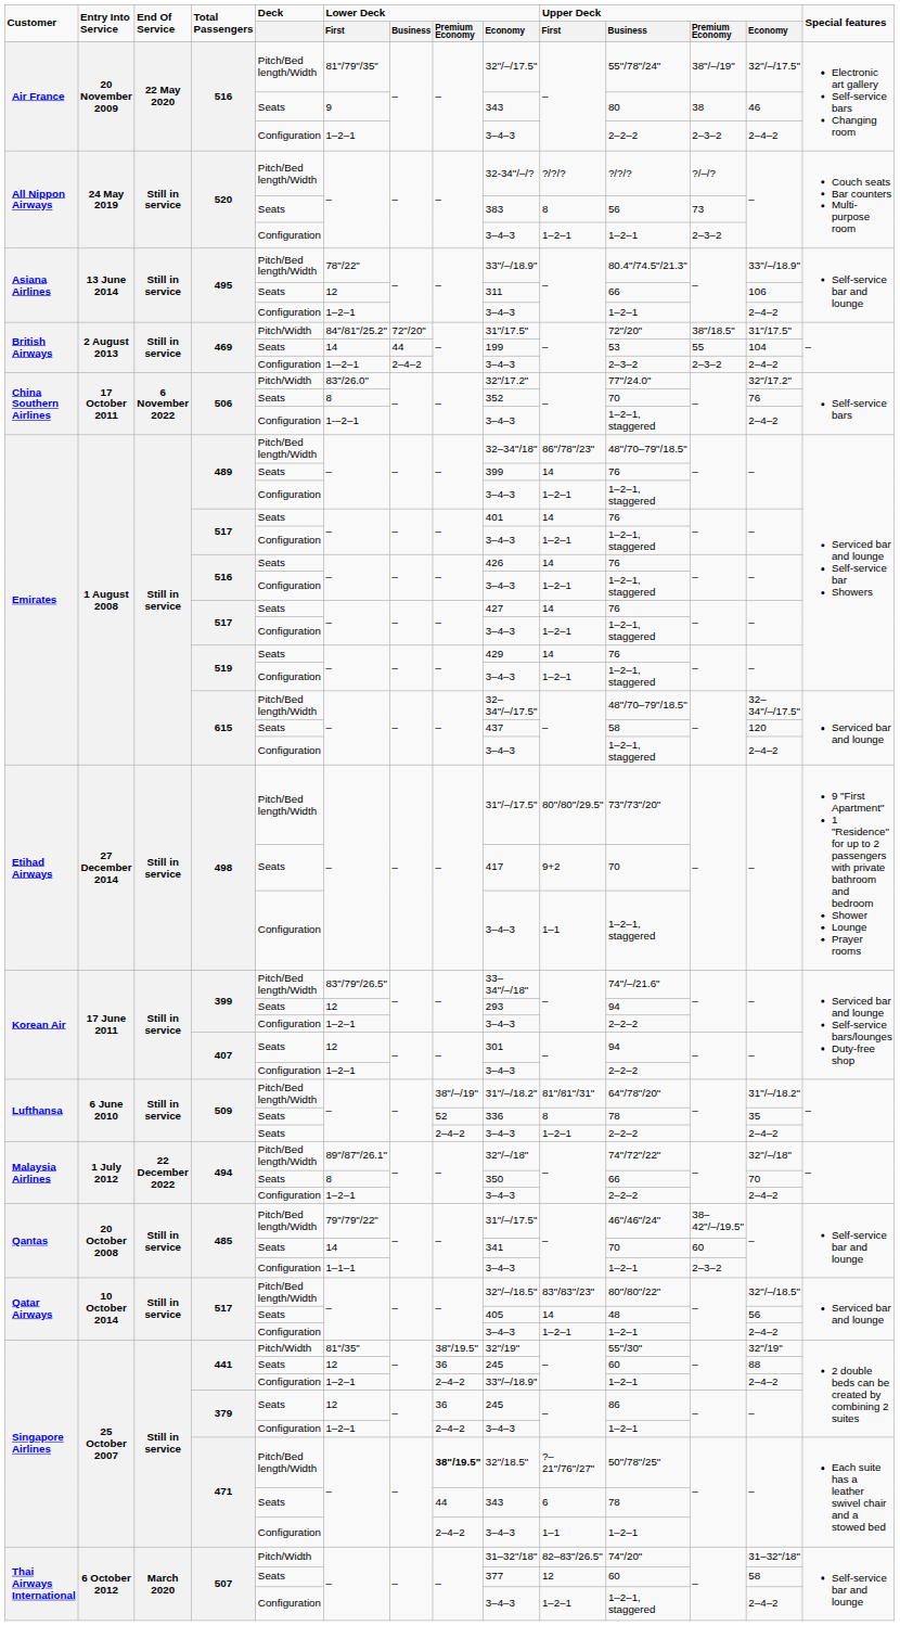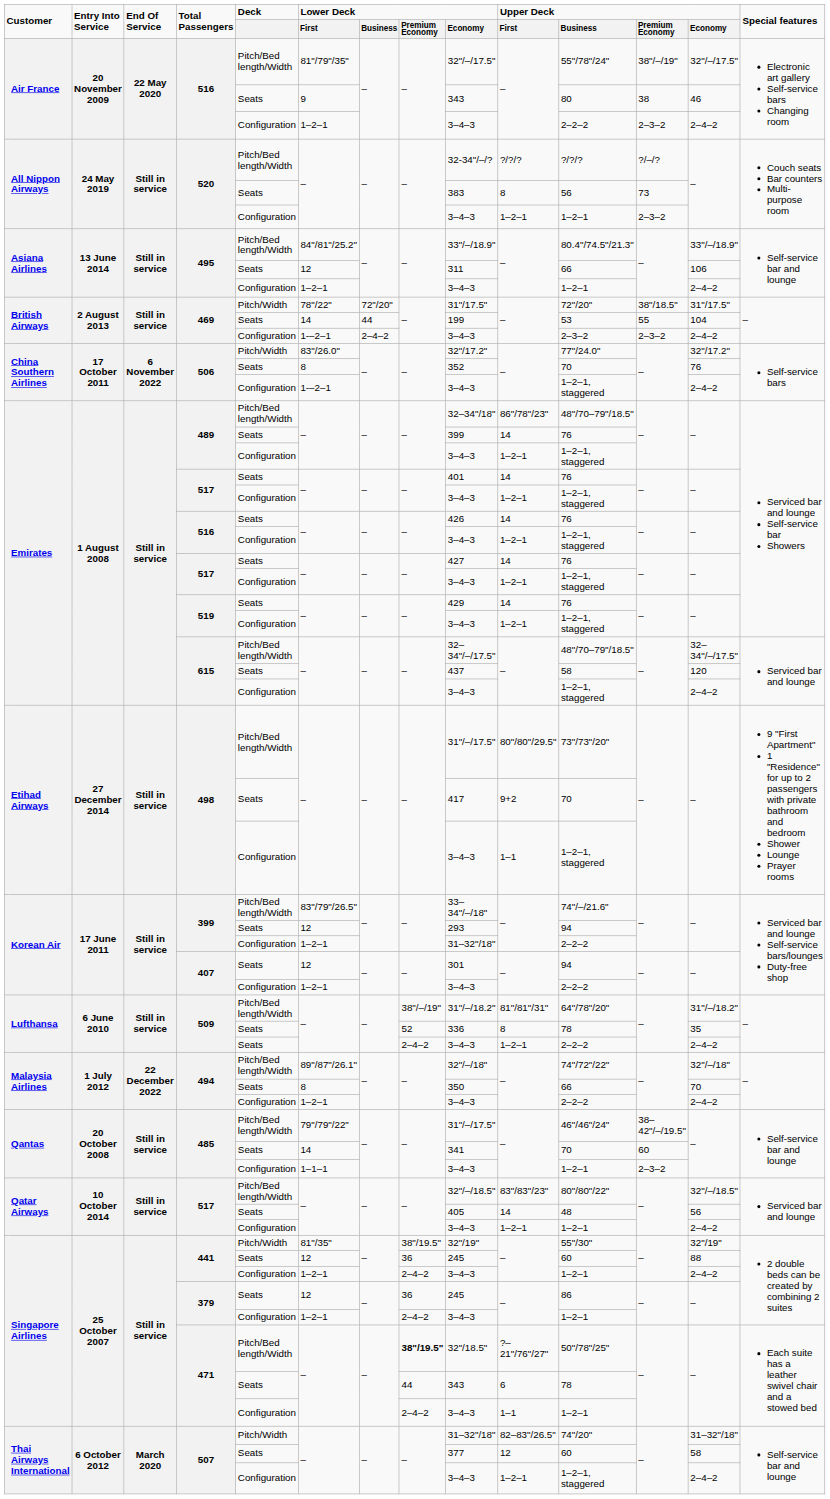 <table class="wikitable sortable">
 <tr>
 <td rowspan=2=style="border-right: 1px solid #F2F2F2;" colspan="2"><strong>Customer</strong></td>
 <td rowspan=2><strong>Entry Into Service</strong></td>
 <td rowspan=2><strong>End Of Service</strong></td>
 <td rowspan=2><strong>Total Passengers</strong></td>
 <td><strong>Deck</strong></td>
 <td style="line-height: 0.9em;" colspan="4"><strong>Lower Deck</strong></td>
 <td style="line-height: 0.9em;" colspan="4"><strong>Upper Deck</strong></td>
 <td rowspan=2=style="line-height: 0.9em;"><strong>Special features</strong></td>
 </tr>
 <tr style="background: #F2F2F2;">
 <td></td>
 <td style="line-height: 0.9em; font-size:smaller;"><strong>First</strong></td>
 <td style="line-height: 0.9em; font-size:smaller;"><strong> Business</strong></td>
 <td style="line-height: 0.9em; font-size:smaller;"><strong>Premium<br>Economy</strong></td>
 <td style="line-height: 0.9em; font-size:smaller;"><strong>Economy</strong></td>
 <td style="line-height: 0.9em; font-size:smaller;"><strong>First</strong></td>
 <td style="line-height: 0.9em; font-size:smaller;"><strong> Business</strong></td>
 <td style="line-height: 0.9em; font-size:smaller;"><strong>Premium<br>Economy</strong></td>
 <td style="line-height: 0.9em; font-size:smaller;"><strong>Economy</strong></td>
 </tr>
 <tr>
 <th rowspan=3 style="border-right: 1px solid #f2f2f2; background:#F2F2F2; text-align:left"></th>
 <th rowspan=3 style="background:#F2F2F2; text-align:left"><a href='#'>Air France</a></th>
 <th rowspan="3">20 November 2009</th>
 <th rowspan="3">22 May 2020</th>
 <th rowspan=3>516</th>
 <td>Pitch/Bed length/Width</td>
 <td>81"/79"/35"</td>
 <td rowspan=3>–</td>
 <td rowspan=3>–</td>
 <td>32"/–/17.5"</td>
 <td rowspan=3>–</td>
 <td>55"/78"/24"</td>
 <td>38"/–/19"</td>
 <td>32"/–/17.5"</td>
 <td rowspan=3><br><ul><li>Electronic art gallery</li><li>Self-service bars</li><li>Changing room</li></ul></td>
 </tr>
 <tr>
 <td>Seats</td>
 <td>9</td>
 <td>343</td>
 <td>80</td>
 <td>38</td>
 <td>46</td>
 </tr>
 <tr>
 <td>Configuration</td>
 <td>1–2–1</td>
 <td>3–4–3</td>
 <td>2–2–2</td>
 <td>2–3–2</td>
 <td>2–4–2</td>
 </tr>
 <tr>
 <th rowspan=3 style="border-right: 1px solid #f2f2f2; background:#F2F2F2; text-align:left"></th>
 <th rowspan="3" style="background:#F2F2F2; text-align:left"><a href='#'>All Nippon Airways</a></th>
 <th rowspan="3">24 May 2019</th>
 <th rowspan="3">Still in service</th>
 <th rowspan=3>520</th>
 <td>Pitch/Bed length/Width</td>
 <td rowspan=3>–</td>
 <td rowspan=3>–</td>
 <td rowspan=3>–</td>
 <td>32-34"/–/?</td>
 <td>?/?/?</td>
 <td>?/?/?</td>
 <td>?/–/?</td>
 <td rowspan=3>–</td>
 <td rowspan=3><br><ul><li>Couch seats</li><li>Bar counters</li><li>Multi-purpose room</li></ul></td>
 </tr>
 <tr>
 <td>Seats</td>
 <td>383</td>
 <td>8</td>
 <td>56</td>
 <td>73</td>
 </tr>
 <tr>
 <td>Configuration</td>
 <td>3–4–3</td>
 <td>1–2–1</td>
 <td>1–2–1</td>
 <td>2–3–2</td>
 </tr>
 <tr>
 <th rowspan=3 style="border-right: 1px solid #f2f2f2; background:#F2F2F2; text-align:left"></th>
 <th rowspan="3" style="background:#F2F2F2; text-align:left"><a href='#'>Asiana Airlines</a></th>
 <th rowspan="3">13 June 2014</th>
 <th rowspan="3">Still in service</th>
 <th rowspan=3>495</th>
 <td>Pitch/Bed length/Width</td>
-<td>78"/22"</td>
+<td>84"/81"/25.2"</td>
 <td rowspan=3>–</td>
 <td rowspan=3>–</td>
 <td>33"/–/18.9"</td>
 <td rowspan=3>–</td>
 <td>80.4"/74.5"/21.3"</td>
 <td rowspan=3>–</td>
 <td>33"/–/18.9"</td>
 <td rowspan=3><br><ul><li>Self-service bar and lounge</li></ul></td>
 </tr>
 <tr>
 <td>Seats</td>
 <td>12</td>
 <td>311</td>
 <td>66</td>
 <td>106</td>
 </tr>
 <tr>
 <td>Configuration</td>
 <td>1–2–1</td>
 <td>3–4–3</td>
 <td>1–2–1</td>
 <td>2–4–2</td>
 </tr>
 <tr>
 <th rowspan=3 style="border-right: 1px solid #f2f2f2; background:#F2F2F2; text-align:left"></th>
 <th rowspan=3 style="background:#F2F2F2; text-align:left"><a href='#'>British Airways</a></th>
 <th rowspan="3">2 August 2013</th>
 <th rowspan="3">Still in service</th>
 <th rowspan=3>469</th>
 <td>Pitch/Width</td>
-<td>84"/81"/25.2"</td>
+<td>78"/22"</td>
 <td>72"/20"</td>
 <td rowspan=3>–</td>
 <td>31"/17.5"</td>
 <td rowspan=3>–</td>
 <td>72"/20"</td>
 <td>38"/18.5"</td>
 <td>31"/17.5"</td>
 <td rowspan=3>–</td>
 </tr>
 <tr>
 <td>Seats</td>
 <td>14</td>
 <td>44</td>
 <td>199</td>
 <td>53</td>
 <td>55</td>
 <td>104</td>
 </tr>
 <tr>
 <td>Configuration</td>
 <td>1-–2–1</td>
 <td>2–4–2</td>
 <td>3–4–3</td>
 <td>2–3–2</td>
 <td>2–3–2</td>
 <td>2–4–2</td>
 </tr>
 <tr>
 <th rowspan=3 style="border-right: 1px solid #f2f2f2; background:#F2F2F2; text-align:left"></th>
 <th rowspan=3 style="background:#F2F2F2; text-align:left"><a href='#'>China Southern Airlines</a></th>
 <th rowspan="3">17 October 2011</th>
 <th rowspan="3">6 November 2022</th>
 <th rowspan=3>506</th>
 <td>Pitch/Width</td>
 <td>83"/26.0"</td>
 <td rowspan=3>–</td>
 <td rowspan=3>–</td>
 <td>32"/17.2"</td>
 <td rowspan=3>–</td>
 <td>77"/24.0"</td>
 <td rowspan=3>–</td>
 <td>32"/17.2"</td>
 <td rowspan=3><br><ul><li>Self-service bars</li></ul></td>
 </tr>
 <tr>
 <td>Seats</td>
 <td>8</td>
 <td>352</td>
 <td>70</td>
 <td>76</td>
 </tr>
 <tr>
 <td>Configuration</td>
 <td>1-–2–1</td>
 <td>3–4–3</td>
 <td>1–2–1, staggered</td>
 <td>2–4–2</td>
 </tr>
 <tr>
 <th rowspan=14 style="border-right: 1px solid #f2f2f2; background:#F2F2F2; text-align:left"></th>
 <th rowspan=14 style="background:#F2F2F2; text-align:left"><a href='#'>Emirates</a></th>
 <th rowspan="14">1 August 2008</th>
 <th rowspan="14">Still in service</th>
 <th rowspan=3>489</th>
 <td>Pitch/Bed length/Width</td>
 <td rowspan=3>–</td>
 <td rowspan=3>–</td>
 <td rowspan=3>–</td>
 <td>32–34"/18"</td>
 <td>86"/78"/23"</td>
 <td>48"/70–79"/18.5"</td>
 <td rowspan=3>–</td>
 <td rowspan=3>–</td>
 <td rowspan=11><br><ul><li>Serviced bar and lounge</li><li>Self-service bar</li><li>Showers</li></ul></td>
 </tr>
 <tr>
 <td>Seats</td>
 <td>399</td>
 <td>14</td>
 <td>76</td>
 </tr>
 <tr>
 <td>Configuration</td>
 <td>3–4–3</td>
 <td>1–2–1</td>
 <td>1–2–1, staggered</td>
 </tr>
 <tr>
 <th rowspan=2>517</th>
 <td>Seats</td>
 <td rowspan=2>–</td>
 <td rowspan=2>–</td>
 <td rowspan=2>–</td>
 <td>401</td>
 <td>14</td>
 <td>76</td>
 <td rowspan=2>–</td>
 <td rowspan=2>–</td>
 </tr>
 <tr>
 <td>Configuration</td>
 <td>3–4–3</td>
 <td>1–2–1</td>
 <td>1–2–1, staggered</td>
 </tr>
 <tr>
 <th rowspan=2>516</th>
 <td>Seats</td>
 <td rowspan=2>–</td>
 <td rowspan=2>–</td>
 <td rowspan=2>–</td>
 <td>426</td>
 <td>14</td>
 <td>76</td>
 <td rowspan=2>–</td>
 <td rowspan=2>–</td>
 </tr>
 <tr>
 <td>Configuration</td>
 <td>3–4–3</td>
 <td>1–2–1</td>
 <td>1–2–1, staggered</td>
 </tr>
 <tr>
 <th rowspan=2>517</th>
 <td>Seats</td>
 <td rowspan=2>–</td>
 <td rowspan=2>–</td>
 <td rowspan=2>–</td>
 <td>427</td>
 <td>14</td>
 <td>76</td>
 <td rowspan=2>–</td>
 <td rowspan=2>–</td>
 </tr>
 <tr>
 <td>Configuration</td>
 <td>3–4–3</td>
 <td>1–2–1</td>
 <td>1–2–1, staggered</td>
 </tr>
 <tr>
 <th rowspan=2>519</th>
 <td>Seats</td>
 <td rowspan=2>–</td>
 <td rowspan=2>–</td>
 <td rowspan=2>–</td>
 <td>429</td>
 <td>14</td>
 <td>76</td>
 <td rowspan=2>–</td>
 <td rowspan=2>–</td>
 </tr>
 <tr>
 <td>Configuration</td>
 <td>3–4–3</td>
 <td>1–2–1</td>
 <td>1–2–1, staggered</td>
 </tr>
 <tr>
 <th rowspan="3">615</th>
 <td>Pitch/Bed length/Width</td>
 <td rowspan="3">–</td>
 <td rowspan="3">–</td>
 <td rowspan="3">–</td>
 <td>32–34"/–/17.5"</td>
 <td rowspan="3">–</td>
 <td>48"/70–79"/18.5"</td>
 <td rowspan="3">–</td>
 <td>32–34"/–/17.5"</td>
 <td rowspan="3"><br><ul><li>Serviced bar and lounge</li></ul></td>
 </tr>
 <tr>
 <td>Seats</td>
 <td>437</td>
 <td>58</td>
 <td>120</td>
 </tr>
 <tr>
 <td>Configuration</td>
 <td>3–4–3</td>
 <td>1–2–1, staggered</td>
 <td>2–4–2</td>
 </tr>
 <tr>
 <th rowspan=3 style="border-right: 1px solid #f2f2f2; background:#F2F2F2; text-align:left"></th>
 <th rowspan=3 style="background:#F2F2F2; text-align:left"><a href='#'>Etihad Airways</a></th>
 <th rowspan="3">27 December 2014</th>
 <th rowspan="3">Still in service</th>
 <th rowspan=3>498</th>
 <td>Pitch/Bed length/Width</td>
 <td rowspan=3>–</td>
 <td rowspan=3>–</td>
 <td rowspan=3>–</td>
 <td>31"/–/17.5"</td>
 <td>80"/80"/29.5"</td>
 <td>73"/73"/20"</td>
 <td rowspan=3>–</td>
 <td rowspan=3>–</td>
 <td rowspan=3><br><ul><li>9 "First Apartment"</li><li>1 "Residence" for up to 2 passengers with private bathroom and bedroom</li><li>Shower</li><li>Lounge</li><li>Prayer rooms</li></ul></td>
 </tr>
 <tr>
 <td>Seats</td>
 <td>417</td>
 <td>9+2</td>
 <td>70</td>
 </tr>
 <tr>
 <td>Configuration</td>
 <td>3–4–3</td>
 <td>1–1</td>
 <td>1–2–1, staggered</td>
 </tr>
 <tr>
 <th rowspan="5" style="border-right: 1px solid #f2f2f2; background:#F2F2F2; text-align:left"></th>
 <th rowspan="5" style="background:#F2F2F2; text-align:left"><a href='#'>Korean Air</a></th>
 <th rowspan="5">17 June 2011</th>
 <th rowspan="5">Still in service</th>
 <th rowspan=3>399</th>
 <td>Pitch/Bed length/Width</td>
 <td>83"/79"/26.5"</td>
 <td rowspan=3>–</td>
 <td rowspan=3>–</td>
 <td>33–34"/–/18"</td>
 <td rowspan=3>–</td>
 <td>74"/–/21.6"</td>
 <td rowspan=3>–</td>
 <td rowspan=3>–</td>
 <td rowspan="5"><br><ul><li>Serviced bar and lounge</li><li>Self-service bars/lounges</li><li>Duty-free shop</li></ul></td>
 </tr>
 <tr>
 <td>Seats</td>
 <td>12</td>
 <td>293</td>
 <td>94</td>
 </tr>
 <tr>
 <td>Configuration</td>
 <td>1–2–1</td>
-<td>3–4–3</td>
+<td>31–32"/18"</td>
 <td>2–2–2</td>
 </tr>
 <tr>
 <th rowspan="2">407</th>
 <td>Seats</td>
 <td>12</td>
 <td rowspan="2">–</td>
 <td rowspan="2">–</td>
 <td>301</td>
 <td rowspan="2">–</td>
 <td>94</td>
 <td rowspan="2">–</td>
 <td rowspan="2">–</td>
 </tr>
 <tr>
 <td>Configuration</td>
 <td>1–2–1</td>
 <td>3–4–3</td>
 <td>2–2–2</td>
 </tr>
 <tr>
 <th rowspan=3 style="border-right: 1px solid #f2f2f2; background:#F2F2F2; text-align:left"></th>
 <th rowspan=3 style="background:#F2F2F2; text-align:left"><a href='#'>Lufthansa</a></th>
 <th rowspan="3">6 June 2010</th>
 <th rowspan="3">Still in service</th>
 <th rowspan=3>509</th>
 <td>Pitch/Bed length/Width</td>
 <td rowspan=3>–</td>
 <td rowspan=3>–</td>
 <td>38"/–/19"</td>
 <td>31"/–/18.2"</td>
 <td>81"/81"/31"</td>
 <td>64"/78"/20"</td>
 <td rowspan=3>–</td>
 <td>31"/–/18.2"</td>
 <td rowspan=3>–</td>
 </tr>
 <tr>
 <td>Seats</td>
 <td>52</td>
 <td>336</td>
 <td>8</td>
 <td>78</td>
 <td>35</td>
 </tr>
 <tr>
 <td>Seats</td>
 <td>2–4–2</td>
 <td>3–4–3</td>
 <td>1–2–1</td>
 <td>2–2–2</td>
 <td>2–4–2</td>
 </tr>
 <tr>
 <th rowspan=3 style="border-right: 1px solid #f2f2f2; background:#F2F2F2; text-align:left"></th>
 <th rowspan=3 style="background:#F2F2F2; text-align:left"><a href='#'>Malaysia Airlines</a></th>
 <th rowspan="3">1 July 2012</th>
 <th rowspan="3">22 December 2022</th>
 <th rowspan=3>494</th>
 <td>Pitch/Bed length/Width</td>
 <td>89"/87"/26.1"</td>
 <td rowspan=3>–</td>
 <td rowspan=3>–</td>
 <td>32"/–/18"</td>
 <td rowspan=3>–</td>
 <td>74"/72"/22"</td>
 <td rowspan=3>–</td>
 <td>32"/–/18"</td>
 <td rowspan=3>–</td>
 </tr>
 <tr>
 <td>Seats</td>
 <td>8</td>
 <td>350</td>
 <td>66</td>
 <td>70</td>
 </tr>
 <tr>
 <td>Configuration</td>
 <td>1–2–1</td>
 <td>3–4–3</td>
 <td>2–2–2</td>
 <td>2–4–2</td>
 </tr>
 <tr>
 <th rowspan=3 style="border-right: 1px solid #f2f2f2; background:#F2F2F2; text-align:left"></th>
 <th rowspan=3 style="background:#F2F2F2; text-align:left"><a href='#'>Qantas</a></th>
 <th rowspan="3">20 October 2008</th>
 <th rowspan="3">Still in service</th>
 <th rowspan=3>485</th>
 <td>Pitch/Bed length/Width</td>
 <td>79"/79"/22"</td>
 <td rowspan=3>–</td>
 <td rowspan=3>–</td>
 <td>31"/–/17.5"</td>
 <td rowspan=3>–</td>
 <td>46"/46"/24"</td>
 <td>38–42"/–/19.5"</td>
 <td rowspan=3>–</td>
 <td rowspan=3><br><ul><li>Self-service bar and lounge</li></ul></td>
 </tr>
 <tr>
 <td>Seats</td>
 <td>14</td>
 <td>341</td>
 <td>70</td>
 <td>60</td>
 </tr>
 <tr>
 <td>Configuration</td>
 <td>1–1–1</td>
 <td>3–4–3</td>
 <td>1–2–1</td>
 <td>2–3–2</td>
 </tr>
 <tr>
 <th rowspan=3 style="border-right: 1px solid #f2f2f2; background:#F2F2F2; text-align:left"></th>
 <th rowspan=3 style="background:#F2F2F2; text-align:left"><a href='#'>Qatar Airways</a></th>
 <th rowspan="3">10 October 2014</th>
 <th rowspan="3">Still in service</th>
 <th rowspan=3>517</th>
 <td>Pitch/Bed length/Width</td>
 <td rowspan=3>–</td>
 <td rowspan=3>–</td>
 <td rowspan=3>–</td>
 <td>32"/–/18.5"</td>
 <td>83"/83"/23"</td>
 <td>80"/80"/22"</td>
 <td rowspan=3>–</td>
 <td>32"/–/18.5"</td>
 <td rowspan=3><br><ul><li>Serviced bar and lounge</li></ul></td>
 </tr>
 <tr>
 <td>Seats</td>
 <td>405</td>
 <td>14</td>
 <td>48</td>
 <td>56</td>
 </tr>
 <tr>
 <td>Configuration</td>
 <td>3–4–3</td>
 <td>1–2–1</td>
 <td>1–2–1</td>
 <td>2–4–2</td>
 </tr>
 <tr>
 <th rowspan="8" style="border-right: 1px solid #f2f2f2; background:#F2F2F2; text-align:left"></th>
 <th rowspan="8" style="background:#F2F2F2; text-align:left"><a href='#'>Singapore Airlines</a></th>
 <th rowspan="8">25 October 2007</th>
 <th rowspan="8">Still in service</th>
 <th rowspan=3>441</th>
 <td>Pitch/Width</td>
 <td>81"/35"</td>
 <td rowspan=3>–</td>
 <td>38"/19.5"</td>
 <td>32"/19"</td>
 <td rowspan=3>–</td>
 <td>55"/30"</td>
 <td rowspan=3>–</td>
 <td>32"/19"</td>
 <td rowspan="5"><br><ul><li>2 double beds can be created by combining 2 suites</li></ul></td>
 </tr>
 <tr>
 <td>Seats</td>
 <td>12</td>
 <td>36</td>
 <td>245</td>
 <td>60</td>
 <td>88</td>
 </tr>
 <tr>
 <td>Configuration</td>
 <td>1–2–1</td>
 <td>2–4–2</td>
-<td>33"/–/18.9"</td>
+<td>3–4–3</td>
 <td>1–2–1</td>
 <td>2–4–2</td>
 </tr>
 <tr>
 <th rowspan="2">379</th>
 <td>Seats</td>
 <td>12</td>
 <td rowspan="2">–</td>
 <td>36</td>
 <td>245</td>
 <td rowspan="2">–</td>
 <td>86</td>
 <td rowspan="2">–</td>
 <td rowspan="2">–</td>
 </tr>
 <tr>
 <td>Configuration</td>
 <td>1–2–1</td>
 <td>2–4–2</td>
 <td>3–4–3</td>
 <td>1–2–1</td>
 </tr>
 <tr>
 <th rowspan="3">471</th>
 <td>Pitch/Bed length/Width</td>
 <td rowspan="3">–</td>
 <td rowspan="3">–</td>
 <td><strong>38"/19.5"</strong></td>
 <td>32"/18.5"</td>
 <td>?–21"/76"/27"</td>
 <td>50"/78"/25"</td>
 <td rowspan="3">–</td>
 <td rowspan="3">–</td>
 <td rowspan="3"><br><ul><li>Each suite has a leather swivel chair and a stowed bed</li></ul></td>
 </tr>
 <tr>
 <td>Seats</td>
 <td>44</td>
 <td>343</td>
 <td>6</td>
 <td>78</td>
 </tr>
 <tr>
 <td>Configuration</td>
 <td>2–4–2</td>
 <td>3–4–3</td>
 <td>1–1</td>
 <td>1–2–1</td>
 </tr>
 <tr>
 <th rowspan="5" style="border-right: 1px solid #f2f2f2; background:#F2F2F2; text-align:left"></th>
 <th rowspan="5" style="background:#F2F2F2; text-align:left"><a href='#'>Thai Airways International</a></th>
 <th rowspan="3">6 October 2012</th>
 <th rowspan="3">March 2020</th>
 <th rowspan="3">507</th>
 <td>Pitch/Width</td>
 <td rowspan="3">–</td>
 <td rowspan="3">–</td>
 <td rowspan="3">–</td>
 <td>31–32"/18"</td>
 <td>82–83"/26.5"</td>
 <td>74"/20"</td>
 <td rowspan="3">–</td>
 <td>31–32"/18"</td>
 <td rowspan="5"><br><ul><li>Self-service bar and lounge</li></ul></td>
 </tr>
 <tr>
 <td>Seats</td>
 <td>377</td>
 <td>12</td>
 <td>60</td>
 <td>58</td>
 </tr>
 <tr>
 <td>Configuration</td>
 <td>3–4–3</td>
 <td>1–2–1</td>
 <td>1–2–1, staggered</td>
 <td>2–4–2</td>
 </tr>
 </table>
